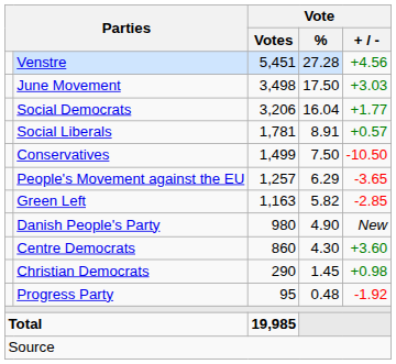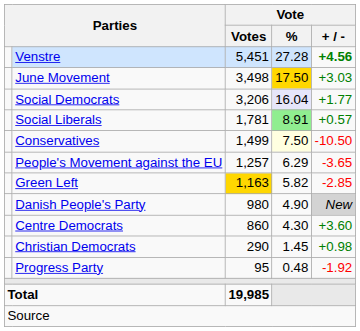 <table class="wikitable" style="text-align:right;">
 <tr>
 <th style="text-align:centre;" rowspan="2" colspan="2" width="225">Parties</th>
 <th colspan="3">Vote</th>
 </tr>
 <tr>
 <th width="15">Votes</th>
 <th width="15">%</th>
 <th width="15">+ / -</th>
 </tr>
 <tr>
 <td width="2" style="color:inherit;background:"></td>
 <td bgcolor=#cfe5fe   align="left"><a href='#'>Venstre</a></td>
 <td bgcolor=#cfe5fe>5,451</td>
 <td bgcolor=#cfe5fe>27.28</td>
-<td style=color:green;>+4.56</td>
+<td style=color:green;><strong>+4.56</strong></td>
 </tr>
 <tr>
 <td width="2" style="color:inherit;background:"></td>
 <td align="left"><a href='#'>June Movement</a></td>
 <td>3,498</td>
-<td>17.50</td>
+<td style="background: gold;">17.50</td>
 <td style=color:green;>+3.03</td>
 </tr>
 <tr>
 <td width="2" style="color:inherit;background:"></td>
 <td align="left"><a href='#'>Social Democrats</a></td>
 <td>3,206</td>
-<td>16.04</td>
+<td style="background: lavender;">16.04</td>
 <td style=color:green;>+1.77</td>
 </tr>
 <tr>
 <td width="2" style="color:inherit;background:"></td>
 <td align="left"><a href='#'>Social Liberals</a></td>
 <td>1,781</td>
-<td>8.91</td>
+<td style="background: lightgreen;">8.91</td>
 <td style=color:green;>+0.57</td>
 </tr>
 <tr>
 <td width="2" style="color:inherit;background:"></td>
 <td align="left"><a href='#'>Conservatives</a></td>
 <td>1,499</td>
-<td>7.50</td>
+<td style="background: lightyellow;">7.50</td>
 <td style=color:red;>-10.50</td>
 </tr>
 <tr>
 <td width="2" style="color:inherit;background:"></td>
 <td align="left"><a href='#'>People's Movement against the EU</a></td>
 <td>1,257</td>
 <td>6.29</td>
 <td style=color:red;>-3.65</td>
 </tr>
 <tr>
 <td width="2" style="color:inherit;background:"></td>
 <td align="left"><a href='#'>Green Left</a></td>
-<td>1,163</td>
+<td style="background: gold;">1,163</td>
 <td>5.82</td>
 <td style=color:red;>-2.85</td>
 </tr>
 <tr>
 <td width="2" style="color:inherit;background:"></td>
 <td align="left"><a href='#'>Danish People's Party</a></td>
 <td>980</td>
 <td>4.90</td>
-<td><em>New</em></td>
+<td style="background: lightgrey;"><em>New</em></td>
 </tr>
 <tr>
 <td width="2" style="color:inherit;background:"></td>
 <td align="left"><a href='#'>Centre Democrats</a></td>
 <td>860</td>
 <td>4.30</td>
 <td style=color:green;>+3.60</td>
 </tr>
 <tr>
 <td width="2" style="color:inherit;background:"></td>
 <td align="left"><a href='#'>Christian Democrats</a></td>
 <td>290</td>
 <td>1.45</td>
 <td style=color:green;>+0.98</td>
 </tr>
 <tr>
 <td width="2" style="color:inherit;background:"></td>
 <td align="left"><a href='#'>Progress Party</a></td>
 <td>95</td>
 <td>0.48</td>
 <td style=color:red;>-1.92</td>
 </tr>
 <tr>
 <td colspan="7" bgcolor="#E9E9E9"></td>
 </tr>
 <tr>
 <td align="left" colspan="2"><strong>Total</strong></td>
 <td><strong>19,985</strong></td>
 <td bgcolor="#E9E9E9" colspan="2"></td>
 </tr>
 <tr>
 <td align="left" colspan="6">Source</td>
 </tr>
 </table>
